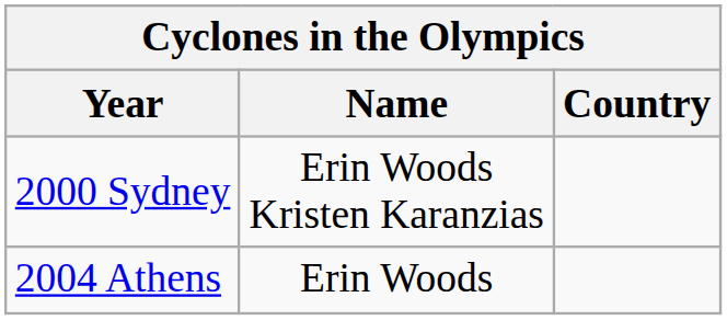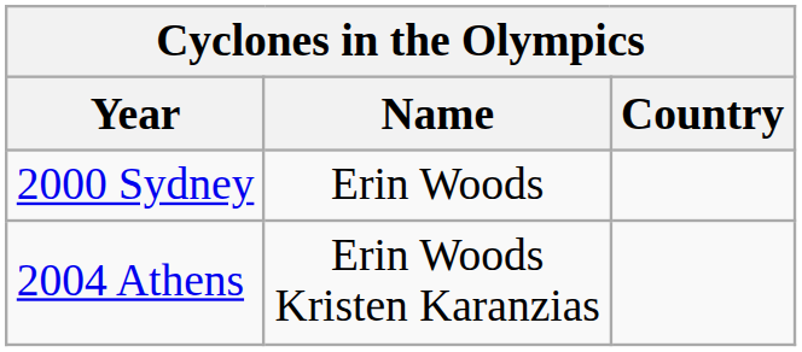 <table class="wikitable">
 <tr>
 <th colspan="6">Cyclones in the Olympics</th>
 </tr>
 <tr>
 <th scope="col">Year</th>
 <th scope="col">Name</th>
 <th scope="col">Country</th>
 </tr>
 <tr>
 <td><a href='#'>2000 Sydney</a></td>
-<td style="text-align: center;">Erin Woods<br>Kristen Karanzias</td>
+<td style="text-align: center;">Erin Woods</td>
 <td style="text-align: center;"></td>
 </tr>
 <tr>
 <td><a href='#'>2004 Athens</a></td>
-<td style="text-align: center;">Erin Woods</td>
+<td style="text-align: center;">Erin Woods<br>Kristen Karanzias</td>
 <td style="text-align: center;"><br></td>
 </tr>
 </table>
